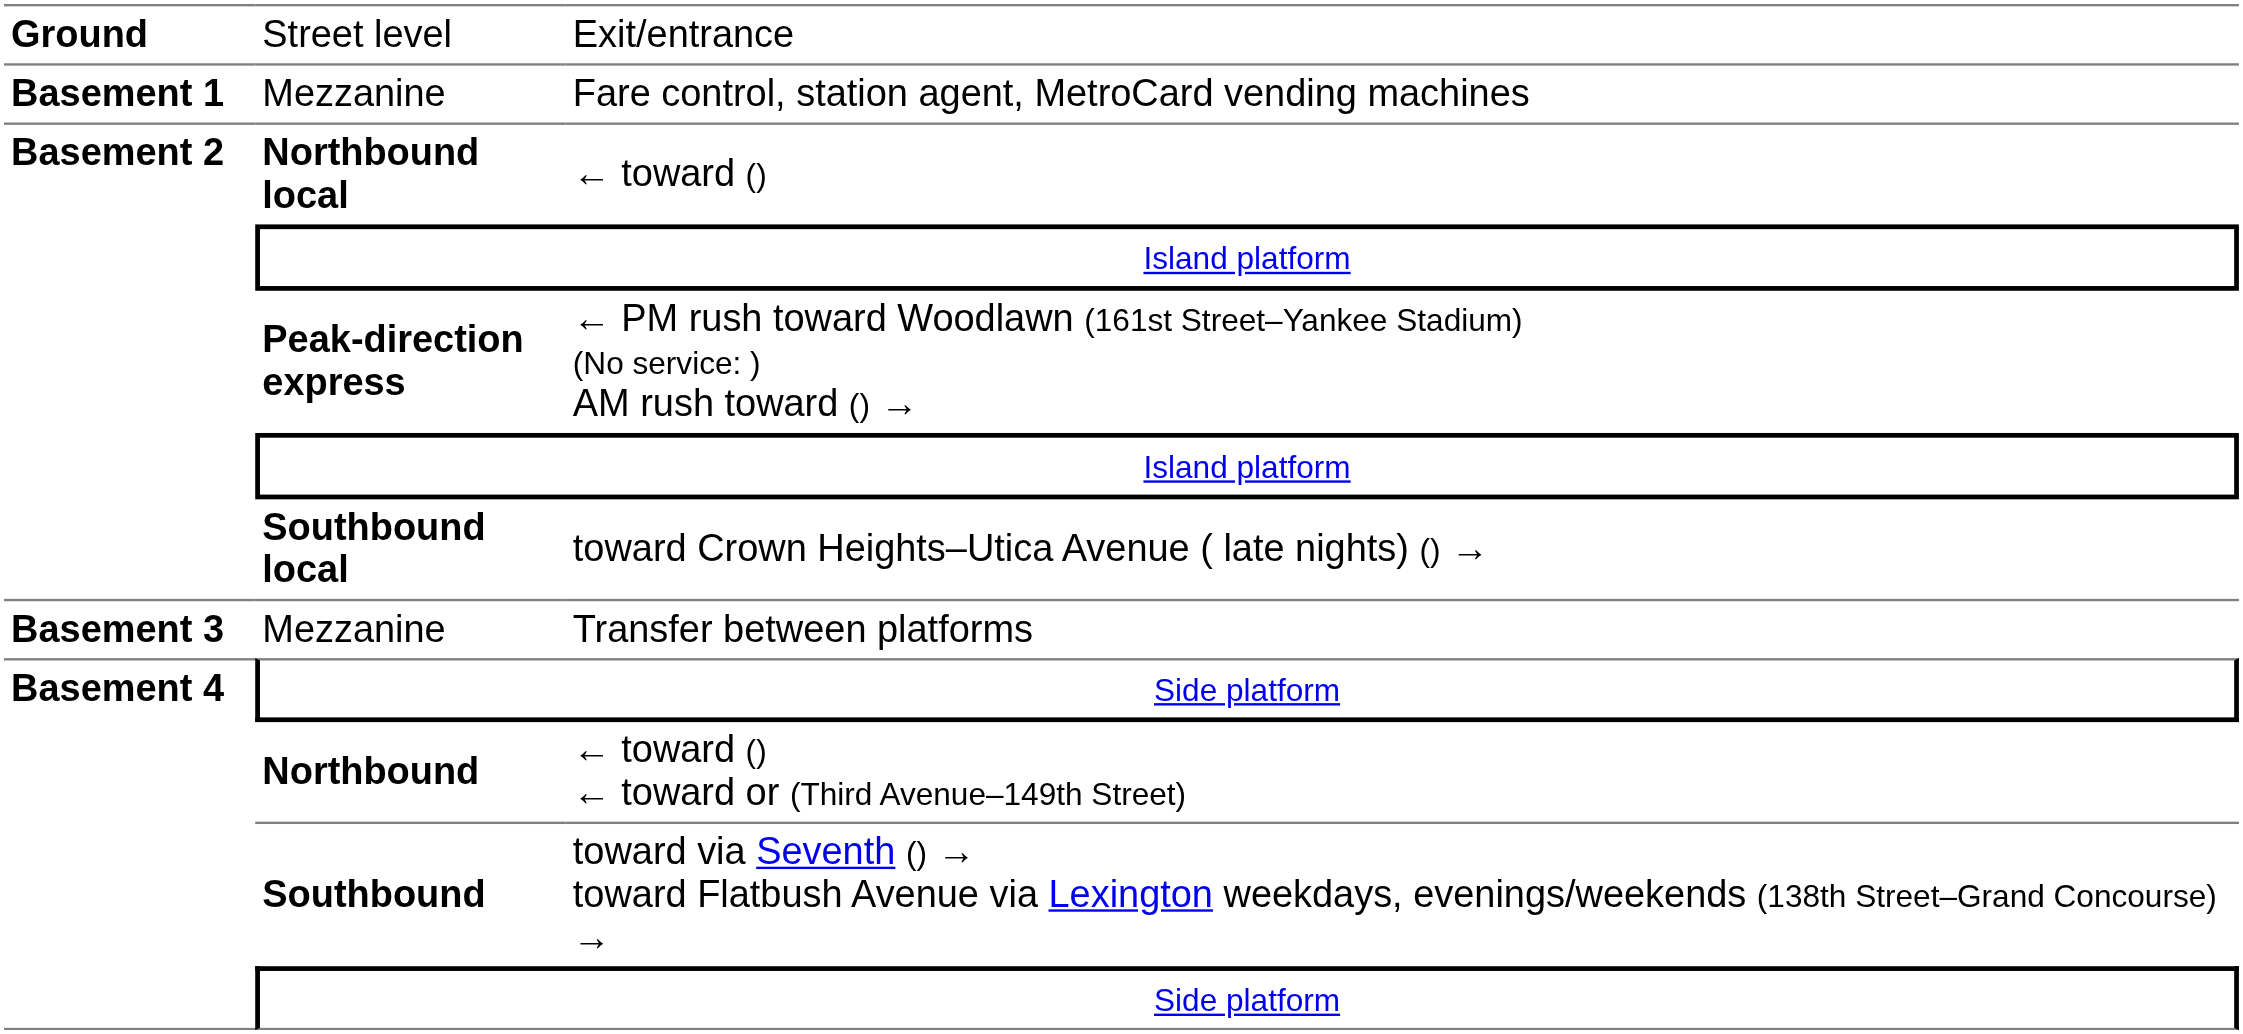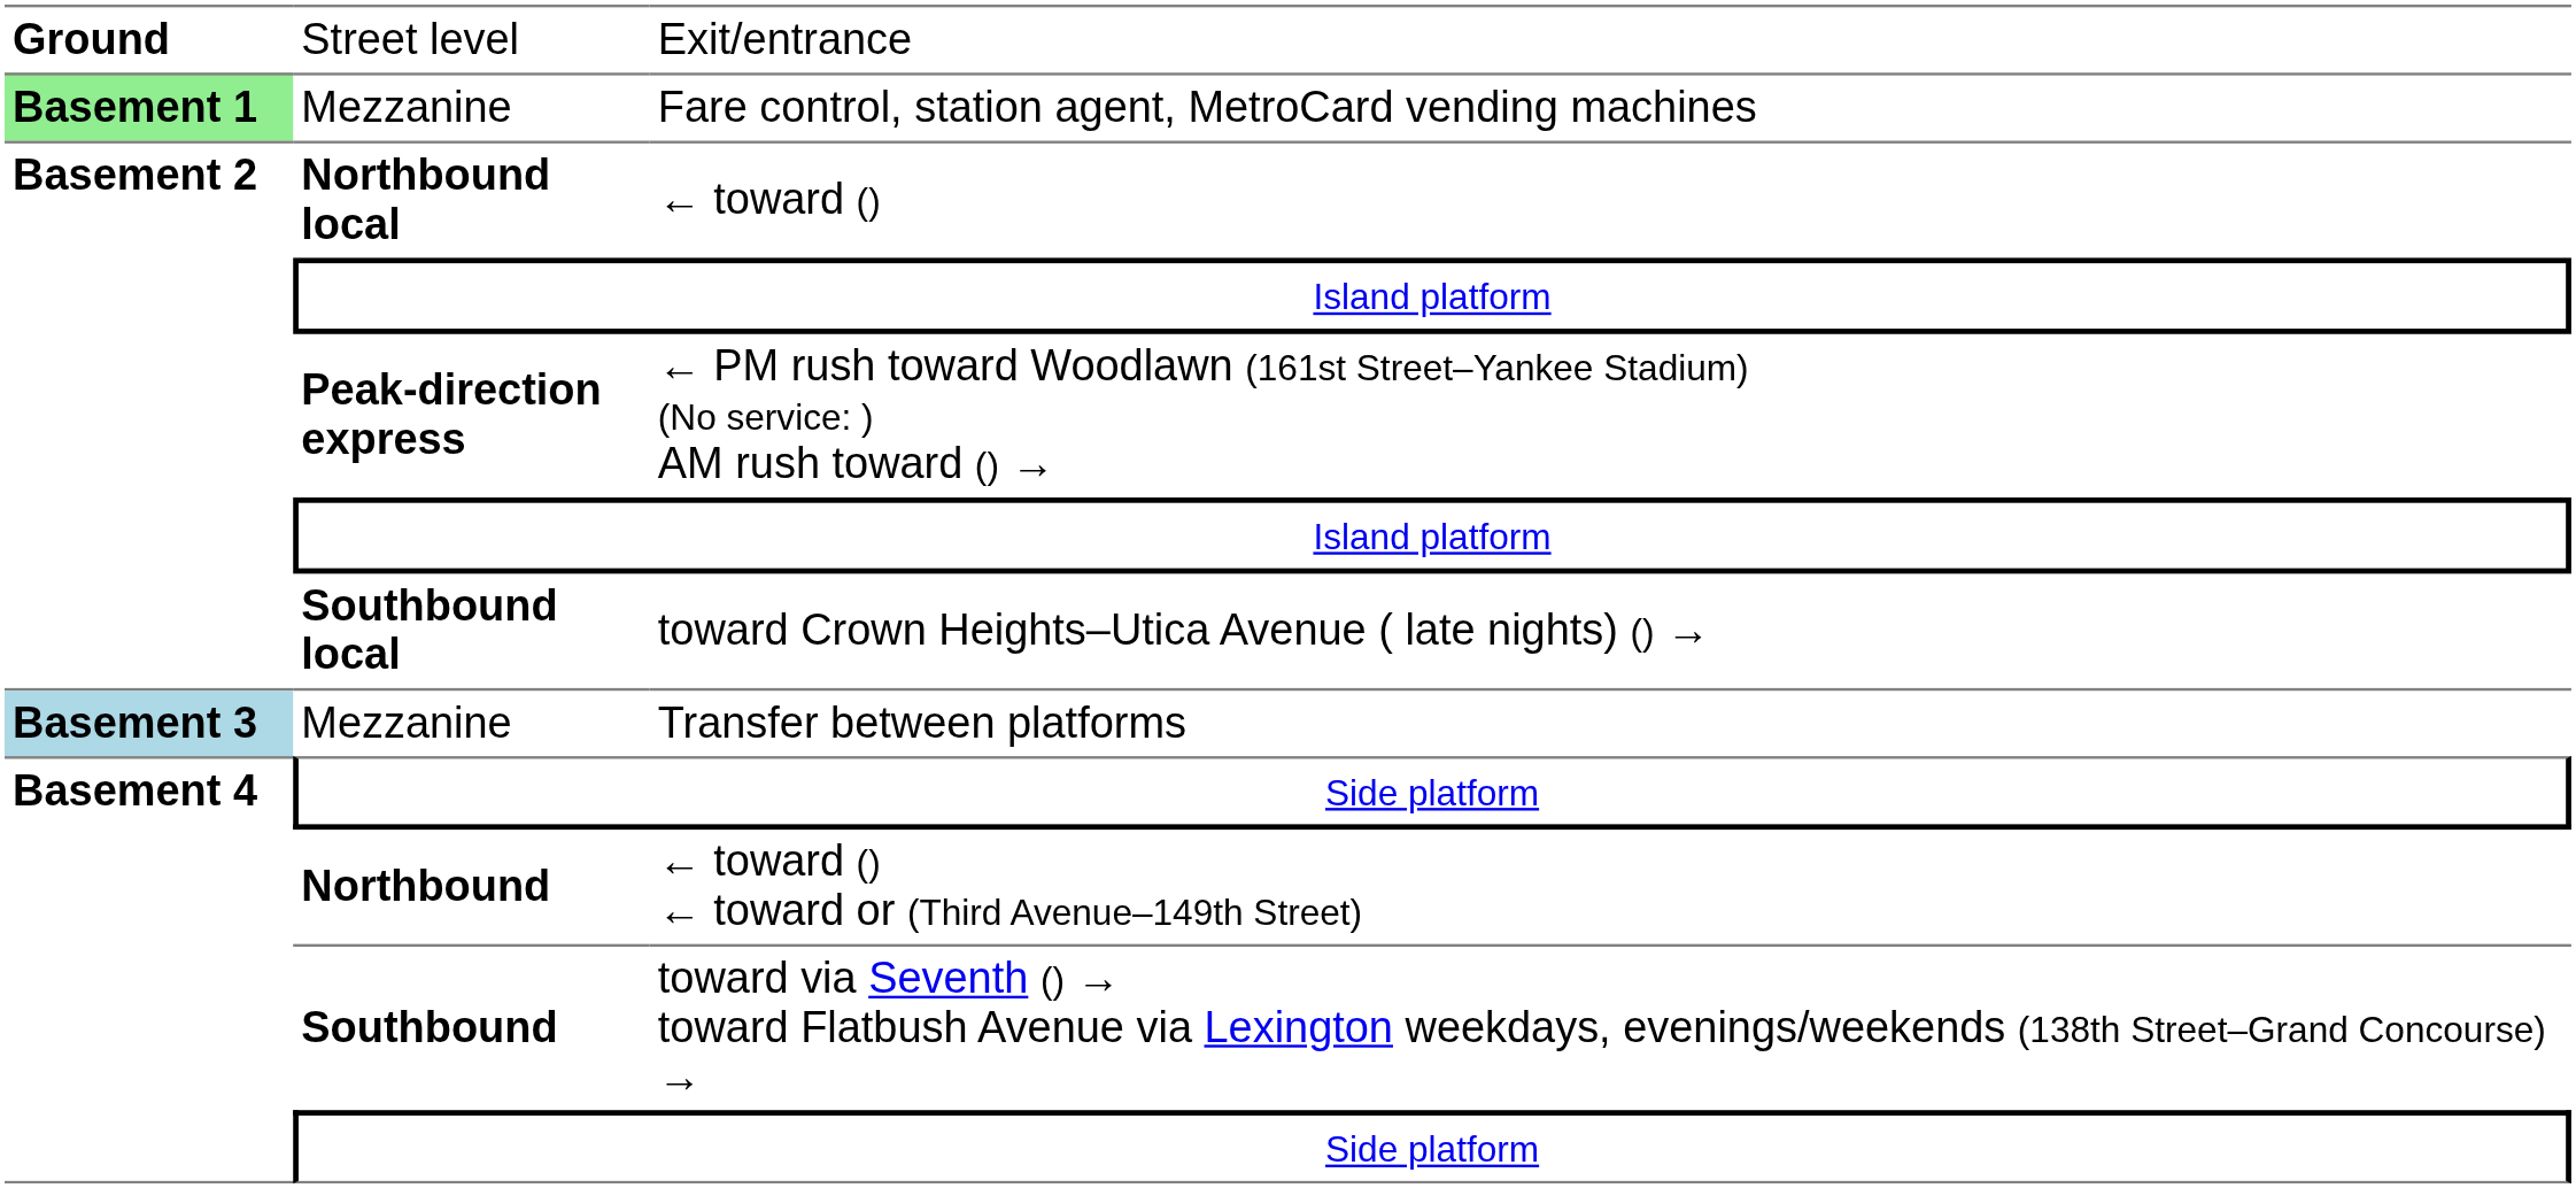 <table border=0 cellspacing=0 cellpadding=3>
 <tr>
 <td style="border-top:solid 1px gray;" width=100><strong>Ground</strong></td>
 <td style="border-top:solid 1px gray;" width=125>Street level</td>
 <td style="border-top:solid 1px gray;" width=700>Exit/entrance</td>
 </tr>
 <tr>
-<td style="border-top:solid 1px gray;"><strong>Basement 1</strong></td>
+<td style="background: lightgreen; border-top:solid 1px gray;"><strong>Basement 1</strong></td>
 <td style="border-top:solid 1px gray;">Mezzanine</td>
 <td style="border-top:solid 1px gray;">Fare control, station agent, MetroCard vending machines</td>
 </tr>
 <tr>
 <td style="border-top:solid 1px gray;border-bottom:solid 1px gray;vertical-align:top;" rowspan=5><strong>Basement 2</strong></td>
 <td style="border-top:solid 1px gray;"><span><strong>Northbound local</strong></span></td>
 <td style="border-top:solid 1px gray;">←  toward  <small>()</small></td>
 </tr>
 <tr>
 <td style="border-top:solid 2px black;border-right:solid 2px black;border-left:solid 2px black;border-bottom:solid 2px black;text-align:center;" colspan=2><small><a href='#'>Island platform</a></small></td>
 </tr>
 <tr>
 <td><span><strong>Peak-direction express</strong></span></td>
 <td>←  PM rush toward Woodlawn <small>(161st Street–Yankee Stadium)</small><br> <small>(No service: )</small><br>  AM rush toward  <small>()</small> →</td>
 </tr>
 <tr>
 <td style="border-top:solid 2px black;border-right:solid 2px black;border-left:solid 2px black;border-bottom:solid 2px black;text-align:center;" colspan=2><small><a href='#'>Island platform</a></small></td>
 </tr>
 <tr>
 <td style="border-bottom:solid 1px gray;"><span><strong>Southbound local</strong></span></td>
 <td style="border-bottom:solid 1px gray;">  toward Crown Heights–Utica Avenue ( late nights) <small>()</small> →</td>
 </tr>
 <tr>
-<td style="border-bottom:solid 0px gray;"><strong>Basement 3</strong></td>
+<td style="background: lightblue; border-bottom:solid 0px gray;"><strong>Basement 3</strong></td>
 <td style="border-bottom:solid 0px gray;">Mezzanine</td>
 <td style="border-bottom:solid 0px gray;">Transfer between platforms</td>
 </tr>
 <tr>
 <td style="border-top:solid 1px gray;border-bottom:solid 1px gray;vertical-align:top;" rowspan=4><strong>Basement 4</strong></td>
 <td style="border-top:solid 1px gray;border-right:solid 2px black;border-left:solid 2px black;border-bottom:solid 2px black;text-align:center;" colspan=2><small><a href='#'>Side platform</a></small></td>
 </tr>
 <tr>
 <td style="border-bottom:solid 1px gray;"><strong>Northbound</strong></td>
 <td style="border-bottom:solid 1px gray;">←  toward  <small>()</small><br>←  toward  or  <small>(Third Avenue–149th Street)</small></td>
 </tr>
 <tr>
 <td><strong>Southbound</strong></td>
 <td>  toward  via <a href='#'>Seventh</a> <small>()</small> →<br>  toward Flatbush Avenue via <a href='#'>Lexington</a> weekdays,  evenings/weekends  <small>(138th Street–Grand Concourse)</small> →</td>
 </tr>
 <tr>
 <td style="border-bottom:solid 1px gray;border-top:solid 2px black;border-right:solid 2px black;border-left:solid 2px black;text-align:center;" colspan=2><small><a href='#'>Side platform</a></small></td>
 </tr>
 </table>
